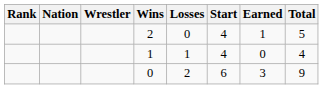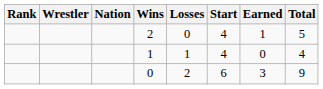 <table class="wikitable sortable" style="text-align:center;">
 <tr>
 <th>Rank</th>
+<th>Wrestler</th>
 <th>Nation</th>
-<th>Wrestler</th>
 <th>Wins</th>
 <th>Losses</th>
 <th>Start</th>
 <th>Earned</th>
 <th>Total</th>
 </tr>
 <tr>
 <td></td>
 <td align=left></td>
 <td align=left></td>
 <td>2</td>
 <td>0</td>
 <td>4</td>
 <td>1</td>
 <td>5</td>
 </tr>
 <tr>
 <td></td>
 <td align=left></td>
 <td align=left></td>
 <td>1</td>
 <td>1</td>
 <td>4</td>
 <td>0</td>
 <td>4</td>
 </tr>
 <tr>
 <td></td>
 <td align=left></td>
 <td align=left></td>
 <td>0</td>
 <td>2</td>
 <td>6</td>
 <td>3</td>
 <td>9</td>
 </tr>
 </table>
